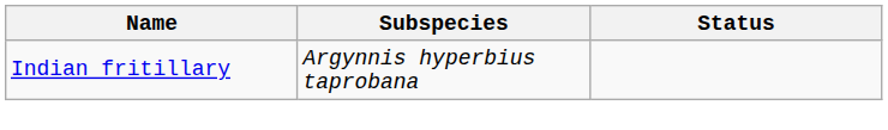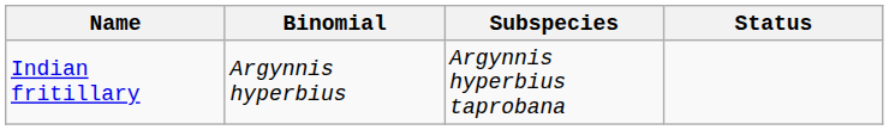 <table width=60% class="wikitable">
 <tr>
 <th width=20%>Name</th>
+<th width=20%>Binomial</th>
 <th width=20%>Subspecies</th>
 <th width=20%>Status</th>
 </tr>
 <tr>
 <td><a href='#'>Indian fritillary</a><br>  </td>
+<td><em>Argynnis hyperbius</em></td>
 <td><em>Argynnis hyperbius taprobana</em></td>
 <td></td>
 </tr>
 </table>
